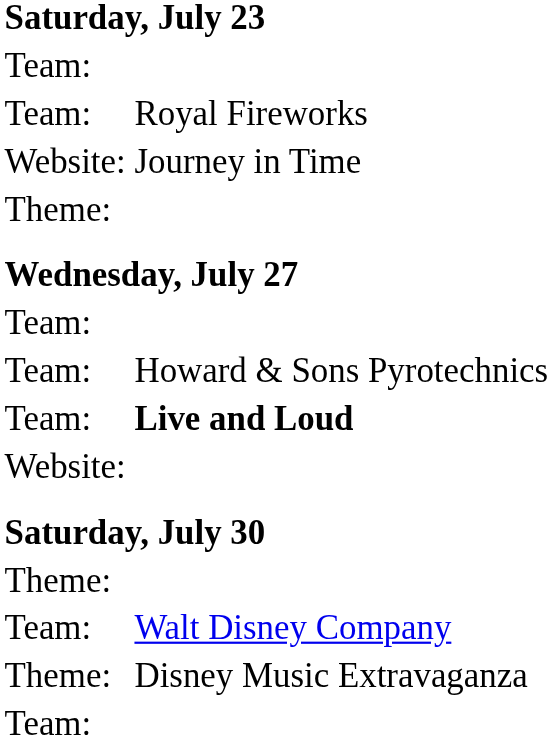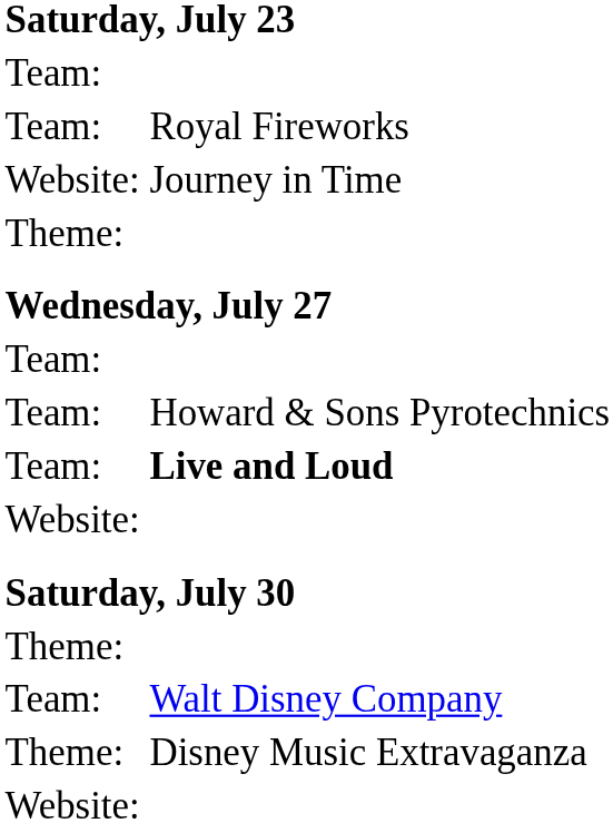 <table border="0">
 <tr>
 <td colspan="2"><strong>Saturday, July 23</strong></td>
 </tr>
 <tr>
 <td>Team:</td>
 <td></td>
 </tr>
 <tr>
 <td>Team:</td>
 <td>Royal Fireworks</td>
 </tr>
 <tr>
 <td>Website:</td>
 <td>Journey in Time</td>
 </tr>
 <tr>
 <td>Theme:</td>
 <td></td>
 </tr>
 <tr>
 <td colspan="2"></td>
 </tr>
 <tr>
 <td></td>
 </tr>
 <tr>
 <td colspan="2"><strong>Wednesday, July 27</strong></td>
 </tr>
 <tr>
 <td>Team:</td>
 <td></td>
 </tr>
 <tr>
 <td>Team:</td>
 <td>Howard & Sons Pyrotechnics</td>
 </tr>
 <tr>
 <td>Team:</td>
 <td><strong>Live and Loud</strong></td>
 </tr>
 <tr>
 <td>Website:</td>
 <td></td>
 </tr>
 <tr>
 <td colspan="2"></td>
 </tr>
 <tr>
 <td></td>
 </tr>
 <tr>
 <td colspan="2"><strong>Saturday, July 30</strong></td>
 </tr>
 <tr>
 <td>Theme:</td>
 <td></td>
 </tr>
 <tr>
 <td>Team:</td>
 <td><a href='#'>Walt Disney Company</a></td>
 </tr>
 <tr>
 <td>Theme:</td>
 <td>Disney Music Extravaganza</td>
 </tr>
 <tr>
-<td>Team:</td>
+<td>Website:</td>
 <td></td>
 </tr>
 <tr>
 <td colspan="2"></td>
 </tr>
 </table>
